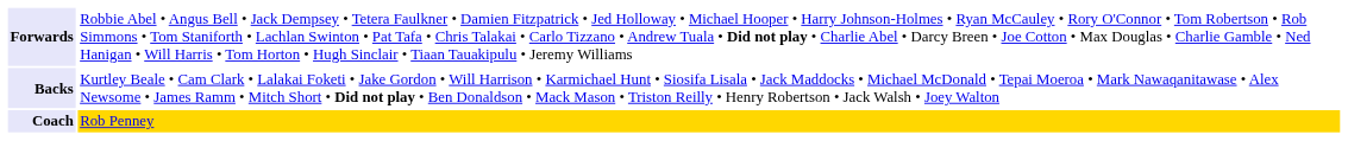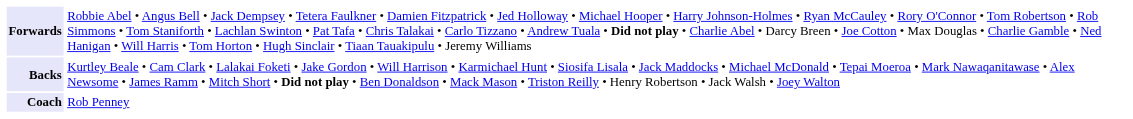 <table cellpadding="2" style="border: 1px solid white; font-size:90%;">
 <tr>
 <td style="text-align:right;" bgcolor="lavender"><strong>Forwards</strong></td>
 <td style="text-align:left;"><a href='#'>Robbie Abel</a> • <a href='#'>Angus Bell</a> • <a href='#'>Jack Dempsey</a> • <a href='#'>Tetera Faulkner</a> • <a href='#'>Damien Fitzpatrick</a> • <a href='#'>Jed Holloway</a> • <a href='#'>Michael Hooper</a> • <a href='#'>Harry Johnson-Holmes</a> • <a href='#'>Ryan McCauley</a> • <a href='#'>Rory O'Connor</a> • <a href='#'>Tom Robertson</a> • <a href='#'>Rob Simmons</a> • <a href='#'>Tom Staniforth</a> • <a href='#'>Lachlan Swinton</a> • <a href='#'>Pat Tafa</a> • <a href='#'>Chris Talakai</a> • <a href='#'>Carlo Tizzano</a> • <a href='#'>Andrew Tuala</a> • <strong>Did not play</strong> • <a href='#'>Charlie Abel</a> • Darcy Breen • <a href='#'>Joe Cotton</a> • Max Douglas • <a href='#'>Charlie Gamble</a> • <a href='#'>Ned Hanigan</a> • <a href='#'>Will Harris</a> • <a href='#'>Tom Horton</a> • <a href='#'>Hugh Sinclair</a> • <a href='#'>Tiaan Tauakipulu</a> • Jeremy Williams</td>
 </tr>
 <tr>
 <td style="text-align:right;" bgcolor="lavender"><strong>Backs</strong></td>
 <td style="text-align:left;"><a href='#'>Kurtley Beale</a> • <a href='#'>Cam Clark</a> • <a href='#'>Lalakai Foketi</a> • <a href='#'>Jake Gordon</a> • <a href='#'>Will Harrison</a> • <a href='#'>Karmichael Hunt</a> • <a href='#'>Siosifa Lisala</a> • <a href='#'>Jack Maddocks</a> • <a href='#'>Michael McDonald</a> • <a href='#'>Tepai Moeroa</a> • <a href='#'>Mark Nawaqanitawase</a> • <a href='#'>Alex Newsome</a> • <a href='#'>James Ramm</a> • <a href='#'>Mitch Short</a> • <strong>Did not play</strong> • <a href='#'>Ben Donaldson</a> • <a href='#'>Mack Mason</a> • <a href='#'>Triston Reilly</a> • Henry Robertson • Jack Walsh • <a href='#'>Joey Walton</a></td>
 </tr>
 <tr>
 <td style="text-align:right;" bgcolor="lavender"><strong>Coach</strong></td>
-<td style="background: gold; text-align:left;"><a href='#'>Rob Penney</a></td>
+<td style="text-align:left;"><a href='#'>Rob Penney</a></td>
 </tr>
 </table>
